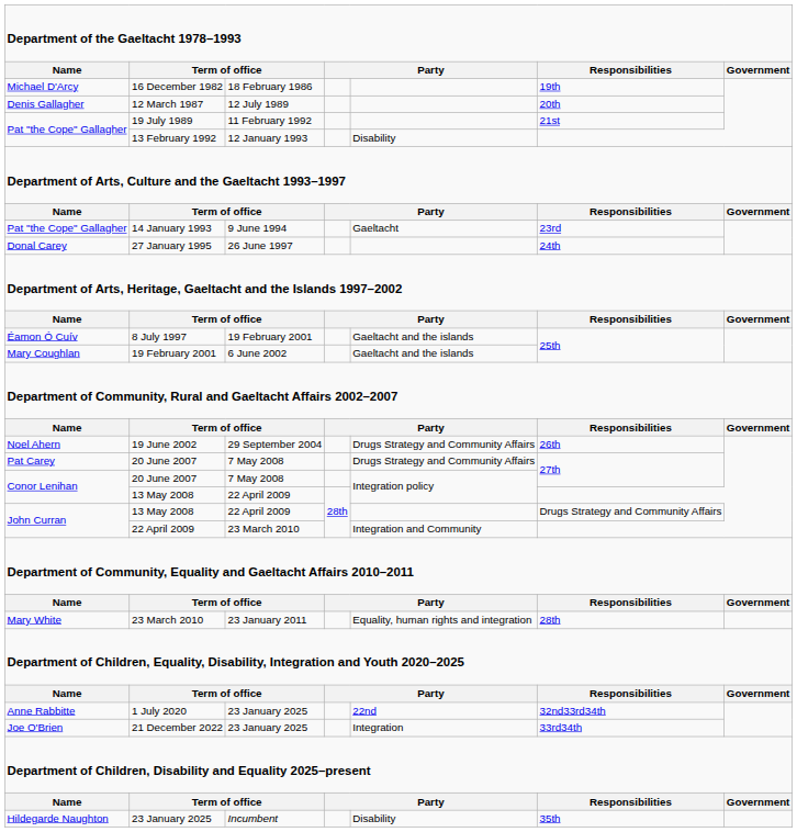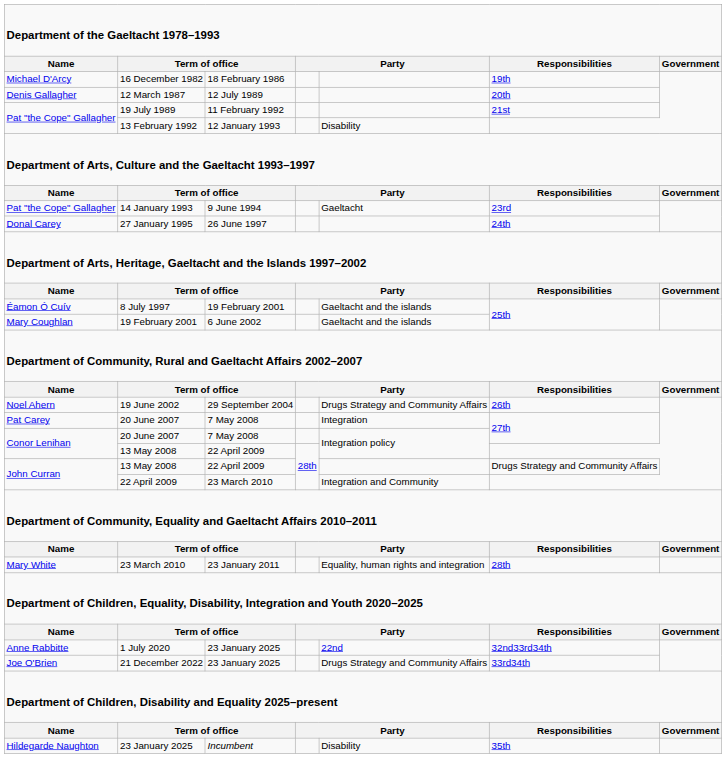 <table class="wikitable">
 <tr>
 <td colspan="7"><br><h3>Department of the Gaeltacht 1978–1993</h3></td>
 </tr>
 <tr>
 <th>Name</th>
 <th colspan="2">Term of office</th>
 <th colspan="2">Party</th>
 <th>Responsibilities</th>
 <th>Government</th>
 </tr>
 <tr>
 <td><a href='#'>Michael D'Arcy</a></td>
 <td>16 December 1982</td>
 <td>18 February 1986</td>
 <td></td>
 <td></td>
 <td><a href='#'>19th</a></td>
 </tr>
 <tr>
 <td><a href='#'>Denis Gallagher</a></td>
 <td>12 March 1987</td>
 <td>12 July 1989</td>
 <td></td>
 <td></td>
 <td><a href='#'>20th</a></td>
 </tr>
 <tr>
 <td rowspan=2><a href='#'>Pat "the Cope" Gallagher</a></td>
 <td>19 July 1989</td>
 <td>11 February 1992</td>
 <td></td>
 <td></td>
 <td><a href='#'>21st</a></td>
 </tr>
 <tr>
 <td>13 February 1992</td>
 <td>12 January 1993</td>
 <td></td>
 <td>Disability</td>
 </tr>
 <tr>
 <td colspan="7"><br><h3>Department of Arts, Culture and the Gaeltacht 1993–1997</h3></td>
 </tr>
 <tr>
 <th>Name</th>
 <th colspan="2">Term of office</th>
 <th colspan="2">Party</th>
 <th>Responsibilities</th>
 <th>Government</th>
 </tr>
 <tr>
 <td><a href='#'>Pat "the Cope" Gallagher</a></td>
 <td>14 January 1993</td>
 <td>9 June 1994</td>
 <td></td>
 <td>Gaeltacht</td>
 <td><a href='#'>23rd</a></td>
 </tr>
 <tr>
 <td><a href='#'>Donal Carey</a></td>
 <td>27 January 1995</td>
 <td>26 June 1997</td>
 <td></td>
 <td></td>
 <td><a href='#'>24th</a></td>
 </tr>
 <tr>
 <td colspan="7"><br><h3>Department of Arts, Heritage, Gaeltacht and the Islands 1997–2002</h3></td>
 </tr>
 <tr>
 <th>Name</th>
 <th colspan="2">Term of office</th>
 <th colspan="2">Party</th>
 <th>Responsibilities</th>
 <th>Government</th>
 </tr>
 <tr>
 <td><a href='#'>Éamon Ó Cuív</a></td>
 <td>8 July 1997</td>
 <td>19 February 2001</td>
 <td></td>
 <td>Gaeltacht and the islands</td>
 <td rowspan=2><a href='#'>25th</a></td>
 </tr>
 <tr>
 <td><a href='#'>Mary Coughlan</a></td>
 <td>19 February 2001</td>
 <td>6 June 2002</td>
 <td></td>
 <td>Gaeltacht and the islands</td>
 </tr>
 <tr>
 <td colspan="7"><br><h3>Department of Community, Rural and Gaeltacht Affairs 2002–2007</h3></td>
 </tr>
 <tr>
 <th>Name</th>
 <th colspan="2">Term of office</th>
 <th colspan="2">Party</th>
 <th>Responsibilities</th>
 <th>Government</th>
 </tr>
 <tr>
 <td><a href='#'>Noel Ahern</a></td>
 <td>19 June 2002</td>
 <td>29 September 2004</td>
 <td></td>
 <td>Drugs Strategy and Community Affairs</td>
 <td><a href='#'>26th</a></td>
 </tr>
 <tr>
 <td><a href='#'>Pat Carey</a></td>
 <td>20 June 2007</td>
 <td>7 May 2008</td>
 <td></td>
-<td>Drugs Strategy and Community Affairs</td>
+<td>Integration</td>
 <td rowspan=2><a href='#'>27th</a></td>
 </tr>
 <tr>
 <td rowspan=2><a href='#'>Conor Lenihan</a></td>
 <td>20 June 2007</td>
 <td>7 May 2008</td>
 <td></td>
 <td rowspan=2>Integration policy</td>
 </tr>
 <tr>
 <td>13 May 2008</td>
 <td>22 April 2009</td>
 <td rowspan=3><a href='#'>28th</a></td>
 </tr>
 <tr>
 <td rowspan=2><a href='#'>John Curran</a></td>
 <td>13 May 2008</td>
 <td>22 April 2009</td>
 <td></td>
 <td>Drugs Strategy and Community Affairs</td>
 </tr>
 <tr>
 <td>22 April 2009</td>
 <td>23 March 2010</td>
 <td>Integration and Community</td>
 </tr>
 <tr>
 <td colspan="7"><br><h3>Department of Community, Equality and Gaeltacht Affairs 2010–2011</h3></td>
 </tr>
 <tr>
 <th>Name</th>
 <th colspan="2">Term of office</th>
 <th colspan="2">Party</th>
 <th>Responsibilities</th>
 <th>Government</th>
 </tr>
 <tr>
 <td><a href='#'>Mary White</a></td>
 <td>23 March 2010</td>
 <td>23 January 2011</td>
 <td></td>
 <td>Equality, human rights and integration</td>
 <td><a href='#'>28th</a></td>
 </tr>
 <tr>
 <td colspan="7"><br><h3>Department of Children, Equality, Disability, Integration and Youth 2020–2025</h3></td>
 </tr>
 <tr>
 <th>Name</th>
 <th colspan="2">Term of office</th>
 <th colspan="2">Party</th>
 <th>Responsibilities</th>
 <th>Government</th>
 </tr>
 <tr>
 <td><a href='#'>Anne Rabbitte</a></td>
 <td>1 July 2020</td>
 <td>23 January 2025</td>
 <td></td>
 <td><a href='#'>22nd</a></td>
 <td><a href='#'>32nd</a><a href='#'>33rd</a><a href='#'>34th</a></td>
 </tr>
 <tr>
 <td><a href='#'>Joe O'Brien</a></td>
 <td>21 December 2022</td>
 <td>23 January 2025</td>
 <td></td>
-<td>Integration</td>
+<td>Drugs Strategy and Community Affairs</td>
 <td><a href='#'>33rd</a><a href='#'>34th</a></td>
 </tr>
 <tr>
 <td colspan="7"><br><h3>Department of Children, Disability and Equality 2025–present</h3></td>
 </tr>
 <tr>
 <th>Name</th>
 <th colspan="2">Term of office</th>
 <th colspan="2">Party</th>
 <th>Responsibilities</th>
 <th>Government</th>
 </tr>
 <tr>
 <td><a href='#'>Hildegarde Naughton</a></td>
 <td>23 January 2025</td>
 <td><em>Incumbent</em></td>
 <td></td>
 <td>Disability</td>
 <td><a href='#'>35th</a></td>
 </tr>
 </table>
